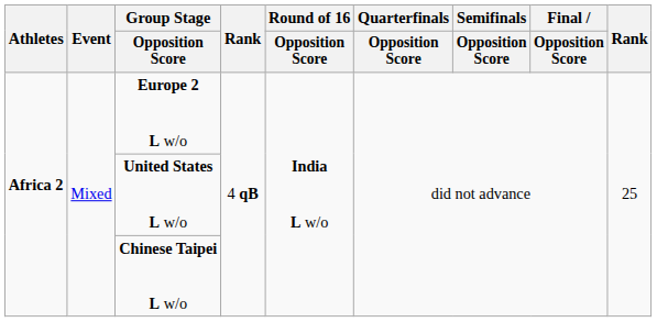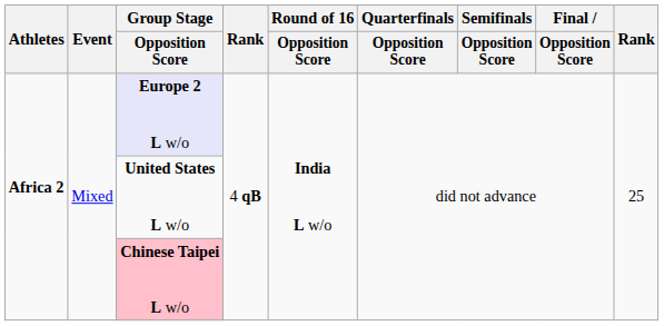 <table class=wikitable style="font-size:90%">
 <tr>
 <th rowspan="2">Athletes</th>
 <th rowspan="2">Event</th>
 <th>Group Stage</th>
 <th rowspan="2">Rank</th>
 <th>Round of 16</th>
 <th>Quarterfinals</th>
 <th>Semifinals</th>
 <th>Final / </th>
 <th rowspan=2>Rank</th>
 </tr>
 <tr style="font-size:95%">
 <th>Opposition<br>Score</th>
 <th>Opposition<br>Score</th>
 <th>Opposition<br>Score</th>
 <th>Opposition<br>Score</th>
 <th>Opposition<br>Score</th>
 </tr>
 <tr align=center>
 <td align=left rowspan=3><strong>Africa 2</strong><br><br></td>
 <td align=left rowspan=3><a href='#'>Mixed</a></td>
-<td><strong>Europe 2</strong><br><br><br><strong>L</strong> w/o</td>
+<td style="background: lavender;"><strong>Europe 2</strong><br><br><br><strong>L</strong> w/o</td>
 <td rowspan=3>4 <strong>qB</strong></td>
 <td rowspan=3><strong>India</strong><br><br><br><strong>L</strong> w/o</td>
 <td rowspan=3 colspan=3>did not advance</td>
 <td rowspan=3>25</td>
 </tr>
 <tr align=center>
 <td><strong>United States</strong><br><br><br><strong>L</strong> w/o</td>
 </tr>
 <tr align=center>
-<td><strong>Chinese Taipei</strong><br><br><br><strong>L</strong> w/o</td>
+<td style="background: pink;"><strong>Chinese Taipei</strong><br><br><br><strong>L</strong> w/o</td>
 </tr>
 </table>
